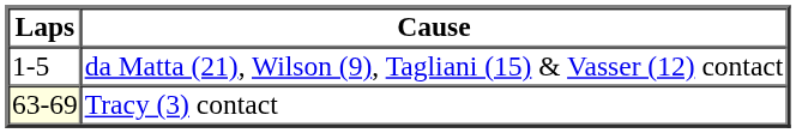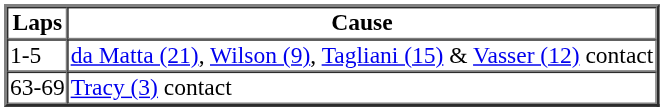 <table border=2 cellspacing=0>
 <tr>
 <th>Laps</th>
 <th>Cause</th>
 </tr>
 <tr>
 <td>1-5</td>
 <td><a href='#'>da Matta (21)</a>, <a href='#'>Wilson (9)</a>, <a href='#'>Tagliani (15)</a> & <a href='#'>Vasser (12)</a> contact</td>
 </tr>
 <tr>
-<td style="background: lightyellow;">63-69</td>
+<td>63-69</td>
 <td><a href='#'>Tracy (3)</a> contact</td>
 </tr>
 </table>
